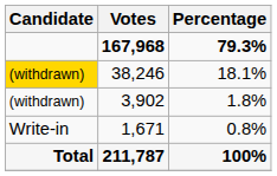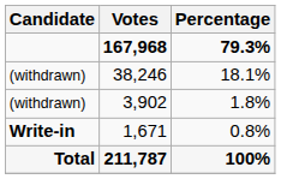 <table class="wikitable sortable" style="text-align:right;">
 <tr>
 <th>Candidate</th>
 <th>Votes</th>
 <th>Percentage</th>
 </tr>
 <tr>
 <td style="text-align:left;"><strong></strong></td>
 <td><strong>167,968</strong></td>
 <td><strong>79.3%</strong></td>
 </tr>
 <tr>
-<td style="background: gold; text-align:left;"> <small>(withdrawn)</small></td>
+<td style="text-align:left;"> <small>(withdrawn)</small></td>
 <td>38,246</td>
 <td>18.1%</td>
 </tr>
 <tr>
 <td style="text-align:left;"> <small>(withdrawn)</small></td>
 <td>3,902</td>
 <td>1.8%</td>
 </tr>
 <tr>
-<td style="text-align:left;">Write-in</td>
+<td style="text-align:left;"><strong>Write-in</strong></td>
 <td>1,671</td>
 <td>0.8%</td>
 </tr>
 <tr style="background-color:#F6F6F6">
 <td style="text-align:right;"><strong>Total</strong></td>
 <td><strong>211,787</strong></td>
 <td><strong>100%</strong></td>
 </tr>
 <tr>
 </tr>
 </table>
